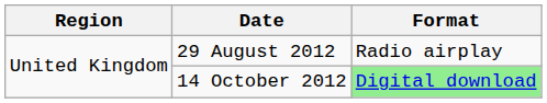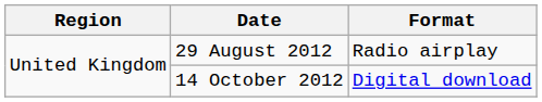 <table class=wikitable>
 <tr>
 <th scope="col">Region</th>
 <th scope="col">Date</th>
 <th scope="col">Format</th>
 </tr>
 <tr>
 <td rowspan="2">United Kingdom</td>
 <td>29 August 2012</td>
 <td>Radio airplay</td>
 </tr>
 <tr>
 <td>14 October 2012</td>
-<td style="background: lightgreen;"><a href='#'>Digital download</a></td>
+<td><a href='#'>Digital download</a></td>
 </tr>
 </table>
